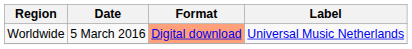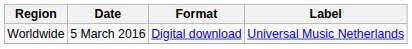 <table class=wikitable>
 <tr>
 <th>Region</th>
 <th>Date</th>
 <th>Format</th>
 <th>Label</th>
 </tr>
 <tr>
 <td>Worldwide</td>
 <td>5 March 2016</td>
-<td style="background: lightsalmon;"><a href='#'>Digital download</a></td>
+<td><a href='#'>Digital download</a></td>
 <td><a href='#'>Universal Music Netherlands</a></td>
 </tr>
 <tr>
 </tr>
 </table>
